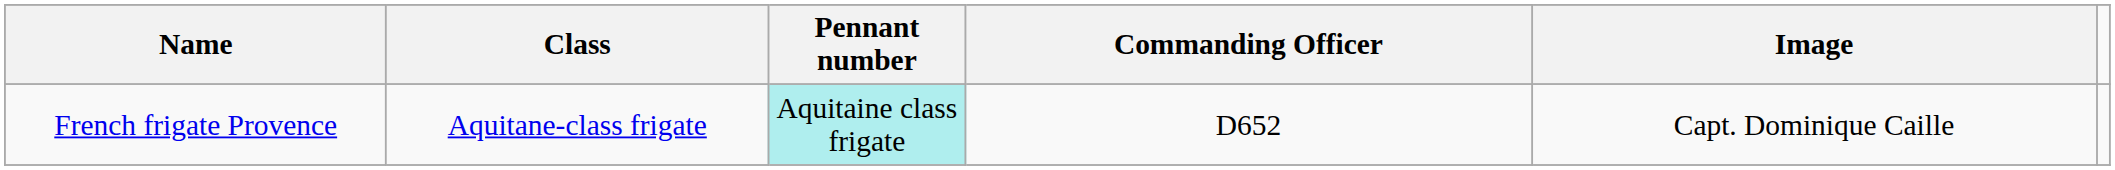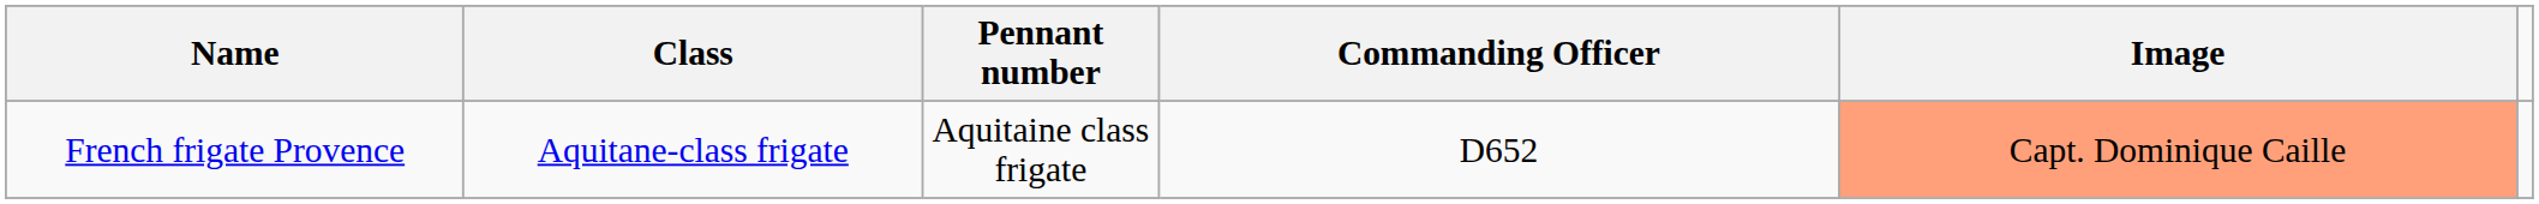 <table class="wikitable" style="text-align:center">
 <tr style="background:#cccccc">
 <th scope="col" style="width: 200px;">Name</th>
 <th scope="col" style="width: 200px;">Class</th>
 <th scope="col" style="width: 100px;">Pennant number</th>
 <th scope="col" style="width: 300px;">Commanding Officer</th>
 <th scope="col" style="width: 300px;">Image</th>
 </tr>
 <tr>
 <td><a href='#'>French frigate Provence</a></td>
 <td><a href='#'>Aquitane-class frigate</a></td>
-<td style="background: paleturquoise;">Aquitaine class frigate</td>
+<td>Aquitaine class frigate</td>
 <td>D652</td>
-<td>Capt. Dominique Caille</td>
+<td style="background: lightsalmon;">Capt. Dominique Caille</td>
 <td></td>
 </tr>
 </table>
